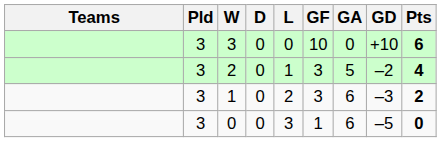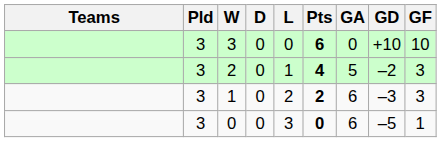 <table class="wikitable" style="text-align: center;">
 <tr>
 <th width=165>Teams</th>
 <th width=20>Pld</th>
 <th width=20>W</th>
 <th width=20>D</th>
 <th width=20>L</th>
-<th width=20>GF</th>
+<th width=20>Pts</th>
 <th width=20>GA</th>
 <th width=20>GD</th>
-<th width=20>Pts</th>
+<th width=20>GF</th>
 </tr>
 <tr align=center style="background:#ccffcc;">
 <td style="text-align:left;"></td>
 <td>3</td>
 <td>3</td>
 <td>0</td>
 <td>0</td>
-<td>10</td>
+<td><strong>6</strong></td>
 <td>0</td>
 <td>+10</td>
-<td><strong>6</strong></td>
+<td>10</td>
 </tr>
 <tr align=center style="background:#ccffcc;">
 <td style="text-align:left;"></td>
 <td>3</td>
 <td>2</td>
 <td>0</td>
 <td>1</td>
-<td>3</td>
+<td><strong>4</strong></td>
 <td>5</td>
 <td>–2</td>
-<td><strong>4</strong></td>
+<td>3</td>
 </tr>
 <tr align=center>
 <td style="text-align:left;"></td>
 <td>3</td>
 <td>1</td>
 <td>0</td>
 <td>2</td>
-<td>3</td>
+<td><strong>2</strong></td>
 <td>6</td>
 <td>–3</td>
-<td><strong>2</strong></td>
+<td>3</td>
 </tr>
 <tr align=center>
 <td style="text-align:left;"></td>
 <td>3</td>
 <td>0</td>
 <td>0</td>
 <td>3</td>
-<td>1</td>
+<td><strong>0</strong></td>
 <td>6</td>
 <td>–5</td>
-<td><strong>0</strong></td>
+<td>1</td>
 </tr>
 </table>
